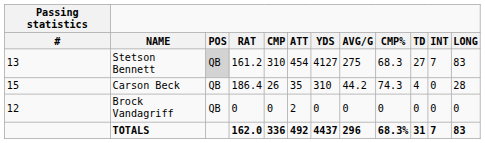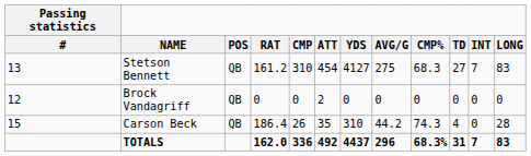 <table class="wikitable">
 <tr>
 <th style="text-align:center; ">Passing statistics</th>
 </tr>
 <tr>
 <th>#</th>
 <th>NAME</th>
 <th>POS</th>
 <th>RAT</th>
 <th>CMP</th>
 <th>ATT</th>
 <th>YDS</th>
 <th>AVG/G</th>
 <th>CMP%</th>
 <th>TD</th>
 <th>INT</th>
 <th>LONG</th>
 </tr>
 <tr>
 <td>13</td>
 <td>Stetson Bennett</td>
-<td style="background: lightgrey;">QB</td>
+<td>QB</td>
 <td>161.2</td>
 <td>310</td>
 <td>454</td>
 <td>4127</td>
 <td>275</td>
 <td>68.3</td>
 <td>27</td>
 <td>7</td>
 <td>83</td>
+</tr>
+<tr>
+<td>12</td>
+<td>Brock Vandagriff</td>
+<td>QB</td>
+<td>0</td>
+<td>0</td>
+<td>2</td>
+<td>0</td>
+<td>0</td>
+<td>0</td>
+<td>0</td>
+<td>0</td>
+<td>0</td>
 </tr>
 <tr>
 <td>15</td>
 <td>Carson Beck</td>
 <td>QB</td>
 <td>186.4</td>
 <td>26</td>
 <td>35</td>
 <td>310</td>
 <td>44.2</td>
 <td>74.3</td>
 <td>4</td>
 <td>0</td>
 <td>28</td>
 </tr>
 <tr>
-<td>12</td>
-<td>Brock Vandagriff</td>
-<td>QB</td>
-<td>0</td>
-<td>0</td>
-<td>2</td>
-<td>0</td>
-<td>0</td>
-<td>0</td>
-<td>0</td>
-<td>0</td>
-<td>0</td>
-</tr>
-<tr>
 <td></td>
 <td><strong>TOTALS</strong></td>
 <td></td>
 <td><strong>162.0</strong></td>
 <td><strong>336</strong></td>
 <td><strong>492</strong></td>
 <td><strong>4437</strong></td>
 <td><strong>296</strong></td>
 <td><strong>68.3%</strong></td>
 <td><strong>31</strong></td>
 <td><strong>7</strong></td>
 <td><strong>83</strong></td>
 </tr>
 </table>
